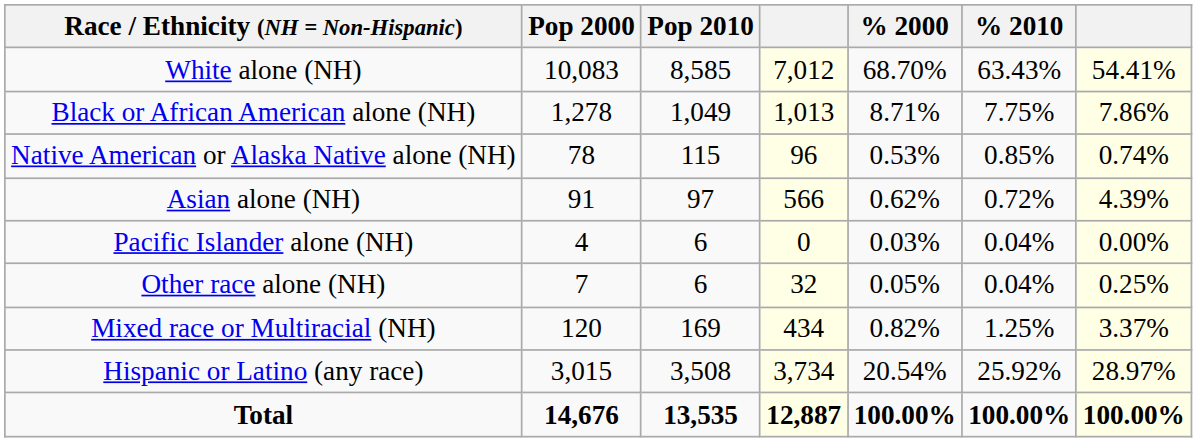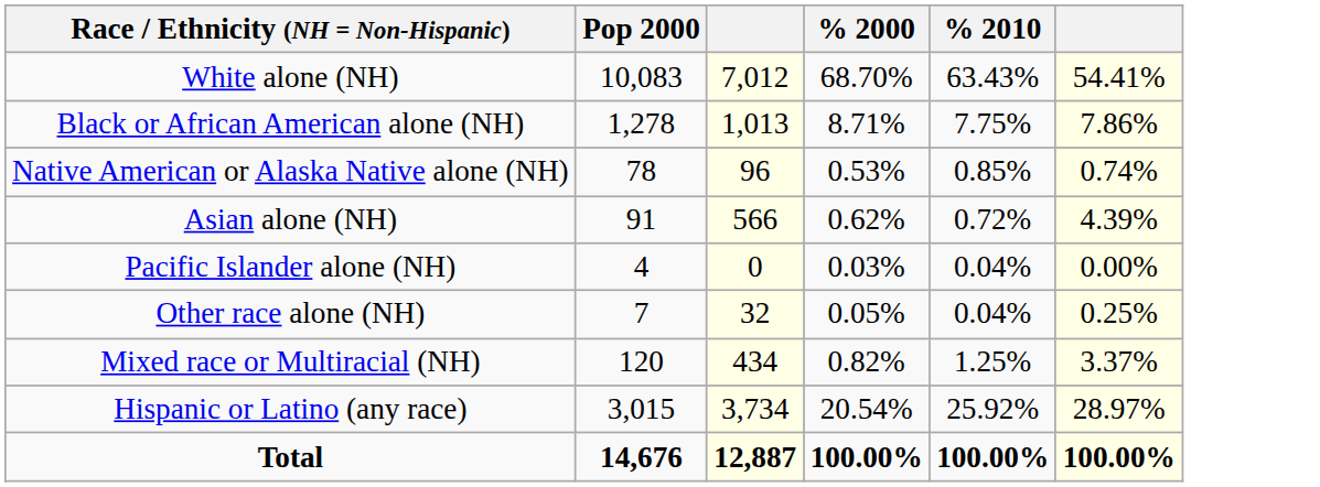 <table class="wikitable" style="text-align:center;">
 <tr>
 <th>Race / Ethnicity <small>(<em>NH = Non-Hispanic</em>)</small></th>
 <th>Pop 2000</th>
-<th>Pop 2010</th>
 <th></th>
 <th>% 2000</th>
 <th>% 2010</th>
 <th></th>
 </tr>
 <tr>
 <td><a href='#'>White</a> alone (NH)</td>
 <td>10,083</td>
-<td>8,585</td>
 <td style='background: #ffffe6;'>7,012</td>
 <td>68.70%</td>
 <td>63.43%</td>
 <td style='background: #ffffe6;'>54.41%</td>
 </tr>
 <tr>
 <td><a href='#'>Black or African American</a> alone (NH)</td>
 <td>1,278</td>
-<td>1,049</td>
 <td style='background: #ffffe6;'>1,013</td>
 <td>8.71%</td>
 <td>7.75%</td>
 <td style='background: #ffffe6;'>7.86%</td>
 </tr>
 <tr>
 <td><a href='#'>Native American</a> or <a href='#'>Alaska Native</a> alone (NH)</td>
 <td>78</td>
-<td>115</td>
 <td style='background: #ffffe6;'>96</td>
 <td>0.53%</td>
 <td>0.85%</td>
 <td style='background: #ffffe6;'>0.74%</td>
 </tr>
 <tr>
 <td><a href='#'>Asian</a> alone (NH)</td>
 <td>91</td>
-<td>97</td>
 <td style='background: #ffffe6;'>566</td>
 <td>0.62%</td>
 <td>0.72%</td>
 <td style='background: #ffffe6;'>4.39%</td>
 </tr>
 <tr>
 <td><a href='#'>Pacific Islander</a> alone (NH)</td>
 <td>4</td>
-<td>6</td>
 <td style='background: #ffffe6;'>0</td>
 <td>0.03%</td>
 <td>0.04%</td>
 <td style='background: #ffffe6;'>0.00%</td>
 </tr>
 <tr>
 <td><a href='#'>Other race</a> alone (NH)</td>
 <td>7</td>
-<td>6</td>
 <td style='background: #ffffe6;'>32</td>
 <td>0.05%</td>
 <td>0.04%</td>
 <td style='background: #ffffe6;'>0.25%</td>
 </tr>
 <tr>
 <td><a href='#'>Mixed race or Multiracial</a> (NH)</td>
 <td>120</td>
-<td>169</td>
 <td style='background: #ffffe6;'>434</td>
 <td>0.82%</td>
 <td>1.25%</td>
 <td style='background: #ffffe6;'>3.37%</td>
 </tr>
 <tr>
 <td><a href='#'>Hispanic or Latino</a> (any race)</td>
 <td>3,015</td>
-<td>3,508</td>
 <td style='background: #ffffe6;'>3,734</td>
 <td>20.54%</td>
 <td>25.92%</td>
 <td style='background: #ffffe6;'>28.97%</td>
 </tr>
 <tr>
 <td><strong>Total</strong></td>
 <td><strong>14,676</strong></td>
-<td><strong>13,535</strong></td>
 <td style='background: #ffffe6;'><strong>12,887</strong></td>
 <td><strong>100.00%</strong></td>
 <td><strong>100.00%</strong></td>
 <td style='background: #ffffe6;'><strong>100.00%</strong></td>
 </tr>
 </table>
